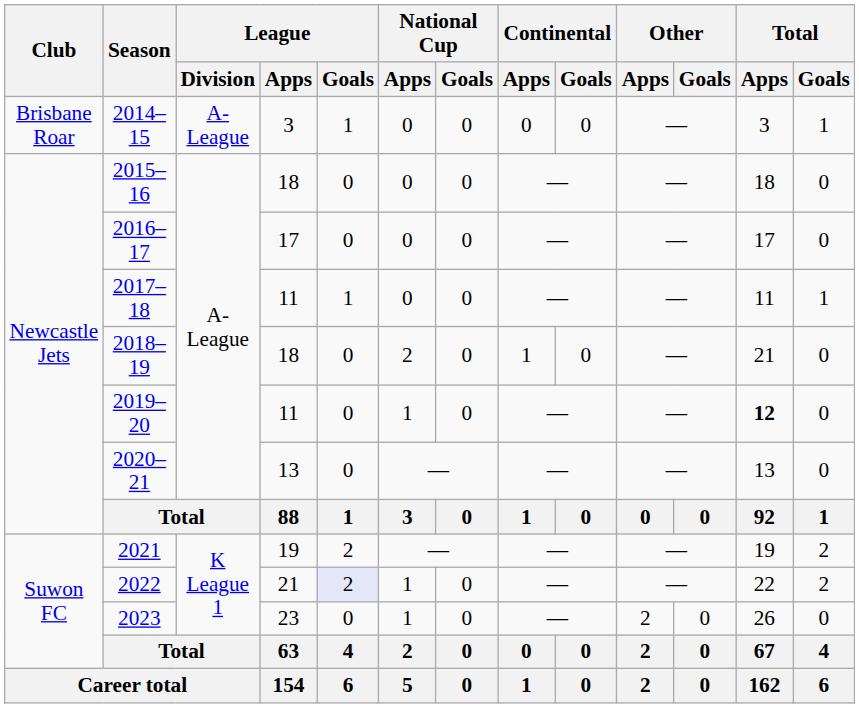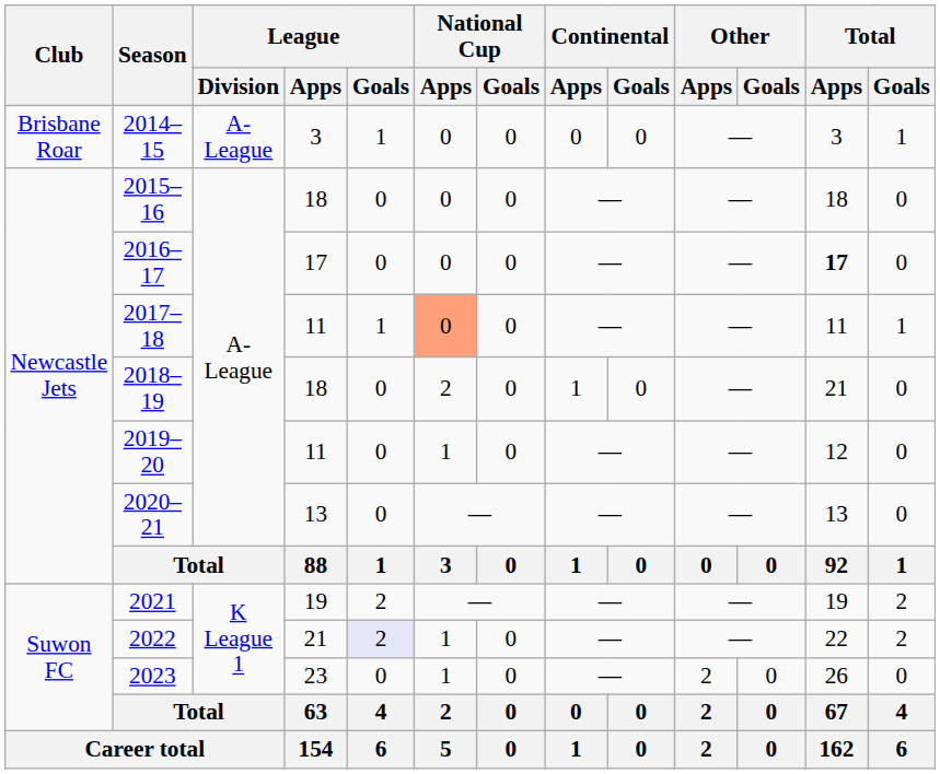 <table class="wikitable" style="text-align:center">
 <tr>
 <th rowspan="2">Club</th>
 <th rowspan="2">Season</th>
 <th colspan="3">League</th>
 <th colspan="2">National Cup</th>
 <th colspan="2">Continental</th>
 <th colspan="2">Other</th>
 <th colspan="2">Total</th>
 </tr>
 <tr>
 <th>Division</th>
 <th>Apps</th>
 <th>Goals</th>
 <th>Apps</th>
 <th>Goals</th>
 <th>Apps</th>
 <th>Goals</th>
 <th>Apps</th>
 <th>Goals</th>
 <th>Apps</th>
 <th>Goals</th>
 </tr>
 <tr>
 <td><a href='#'>Brisbane Roar</a></td>
 <td><a href='#'>2014–15</a></td>
 <td><a href='#'>A-League</a></td>
 <td>3</td>
 <td>1</td>
 <td>0</td>
 <td>0</td>
 <td>0</td>
 <td>0</td>
 <td colspan="2">—</td>
 <td>3</td>
 <td>1</td>
 </tr>
 <tr>
 <td rowspan=7><a href='#'>Newcastle Jets</a></td>
 <td><a href='#'>2015–16</a></td>
 <td rowspan=6>A-League</td>
 <td>18</td>
 <td>0</td>
 <td>0</td>
 <td>0</td>
 <td colspan="2">—</td>
 <td colspan="2">—</td>
 <td>18</td>
 <td>0</td>
 </tr>
 <tr>
 <td><a href='#'>2016–17</a></td>
 <td>17</td>
 <td>0</td>
 <td>0</td>
 <td>0</td>
 <td colspan="2">—</td>
 <td colspan="2">—</td>
-<td>17</td>
+<td><strong>17</strong></td>
 <td>0</td>
 </tr>
 <tr>
 <td><a href='#'>2017–18</a></td>
 <td>11</td>
 <td>1</td>
-<td>0</td>
+<td style="background: lightsalmon;">0</td>
 <td>0</td>
 <td colspan="2">—</td>
 <td colspan="2">—</td>
 <td>11</td>
 <td>1</td>
 </tr>
 <tr>
 <td><a href='#'>2018–19</a></td>
 <td>18</td>
 <td>0</td>
 <td>2</td>
 <td>0</td>
 <td>1</td>
 <td>0</td>
 <td colspan="2">—</td>
 <td>21</td>
 <td>0</td>
 </tr>
 <tr>
 <td><a href='#'>2019–20</a></td>
 <td>11</td>
 <td>0</td>
 <td>1</td>
 <td>0</td>
 <td colspan="2">—</td>
 <td colspan="2">—</td>
-<td><strong>12</strong></td>
+<td>12</td>
 <td>0</td>
 </tr>
 <tr>
 <td><a href='#'>2020–21</a></td>
 <td>13</td>
 <td>0</td>
 <td colspan="2">—</td>
 <td colspan="2">—</td>
 <td colspan="2">—</td>
 <td>13</td>
 <td>0</td>
 </tr>
 <tr>
 <th colspan=2>Total</th>
 <th>88</th>
 <th>1</th>
 <th>3</th>
 <th>0</th>
 <th>1</th>
 <th>0</th>
 <th>0</th>
 <th>0</th>
 <th>92</th>
 <th>1</th>
 </tr>
 <tr>
 <td rowspan=4><a href='#'>Suwon FC</a></td>
 <td><a href='#'>2021</a></td>
 <td rowspan=3><a href='#'>K League 1</a></td>
 <td>19</td>
 <td>2</td>
 <td colspan="2">—</td>
 <td colspan="2">—</td>
 <td colspan="2">—</td>
 <td>19</td>
 <td>2</td>
 </tr>
 <tr>
 <td><a href='#'>2022</a></td>
 <td>21</td>
 <td style="background: lavender;">2</td>
 <td>1</td>
 <td>0</td>
 <td colspan="2">—</td>
 <td colspan="2">—</td>
 <td>22</td>
 <td>2</td>
 </tr>
 <tr>
 <td><a href='#'>2023</a></td>
 <td>23</td>
 <td>0</td>
 <td>1</td>
 <td>0</td>
 <td colspan="2">—</td>
 <td>2</td>
 <td>0</td>
 <td>26</td>
 <td>0</td>
 </tr>
 <tr>
 <th colspan=2>Total</th>
 <th>63</th>
 <th>4</th>
 <th>2</th>
 <th>0</th>
 <th>0</th>
 <th>0</th>
 <th>2</th>
 <th>0</th>
 <th>67</th>
 <th>4</th>
 </tr>
 <tr>
 <th colspan=3>Career total</th>
 <th>154</th>
 <th>6</th>
 <th>5</th>
 <th>0</th>
 <th>1</th>
 <th>0</th>
 <th>2</th>
 <th>0</th>
 <th>162</th>
 <th>6</th>
 </tr>
 </table>
